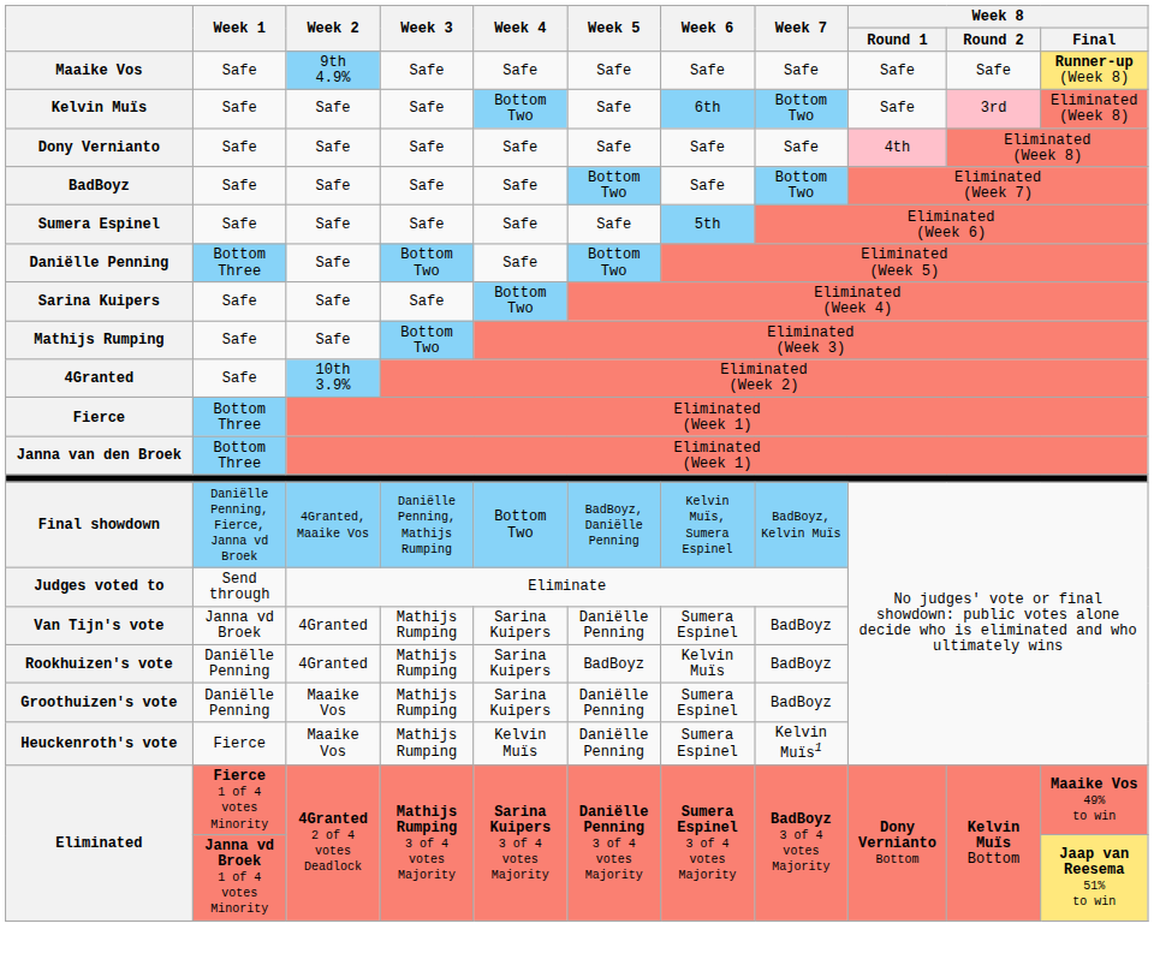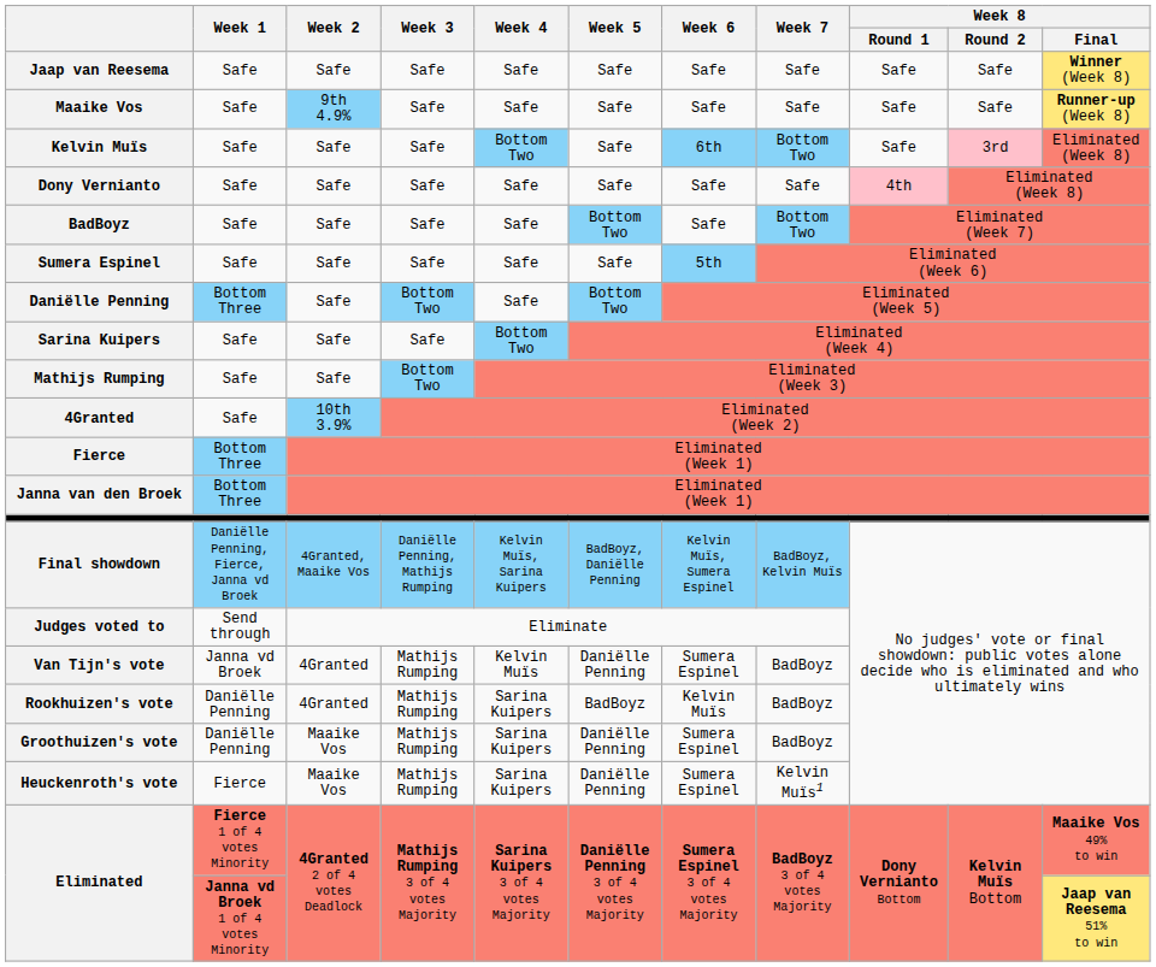 <table class="wikitable" style="text-align:center; font-size:85%">
 <tr>
 <th style="width:14%" rowspan=2></th>
 <th style="width:7%" rowspan=2>Week 1</th>
 <th style="width:7%" rowspan=2>Week 2</th>
 <th style="width:7%" rowspan=2>Week 3</th>
 <th style="width:7%" rowspan=2>Week 4</th>
 <th style="width:7%" rowspan=2>Week 5</th>
 <th style="width:7%" rowspan=2>Week 6</th>
 <th style="width:7%" rowspan=2>Week 7</th>
 <th style="width:21%" colspan=3>Week 8</th>
 </tr>
 <tr>
 <th style="width:7%">Round 1</th>
 <th style="width:7%">Round 2</th>
 <th style="width: 7%">Final</th>
+</tr>
+<tr>
+<th>Jaap van Reesema</th>
+<td>Safe</td>
+<td>Safe</td>
+<td>Safe</td>
+<td>Safe</td>
+<td>Safe</td>
+<td>Safe</td>
+<td>Safe</td>
+<td>Safe</td>
+<td>Safe</td>
+<td style="background:#FFE87C"><strong>Winner</strong><br>(Week 8)</td>
 </tr>
 <tr>
 <th>Maaike Vos</th>
 <td>Safe</td>
 <td style="background:#87D3F8">9th <br>4.9%</td>
 <td>Safe</td>
 <td>Safe</td>
 <td>Safe</td>
 <td>Safe</td>
 <td>Safe</td>
 <td>Safe</td>
 <td>Safe</td>
 <td style="background:#FFE87C"><strong>Runner-up</strong><br>(Week 8)</td>
 </tr>
 <tr>
 <th>Kelvin Muïs</th>
 <td>Safe</td>
 <td>Safe</td>
 <td>Safe</td>
 <td style="background:#87D3F8">Bottom<br>Two</td>
 <td>Safe</td>
 <td style="background:#87D3F8">6th</td>
 <td style="background:#87D3F8">Bottom<br>Two</td>
 <td>Safe</td>
 <td style="background:pink">3rd</td>
 <td style="background:#FA8072" colspan=1>Eliminated<br>(Week 8)</td>
 </tr>
 <tr>
 <th>Dony Vernianto</th>
 <td>Safe</td>
 <td>Safe</td>
 <td>Safe</td>
 <td>Safe</td>
 <td>Safe</td>
 <td>Safe</td>
 <td>Safe</td>
 <td style="background:pink">4th</td>
 <td style="background:#FA8072" colspan=2>Eliminated<br>(Week 8)</td>
 </tr>
 <tr>
 <th>BadBoyz</th>
 <td>Safe</td>
 <td>Safe</td>
 <td>Safe</td>
 <td>Safe</td>
 <td style="background:#87D3F8">Bottom<br>Two</td>
 <td>Safe</td>
 <td style="background:#87D3F8">Bottom<br>Two</td>
 <td style="background:#FA8072" colspan=3>Eliminated<br>(Week 7)</td>
 </tr>
 <tr>
 <th>Sumera Espinel</th>
 <td>Safe</td>
 <td>Safe</td>
 <td>Safe</td>
 <td>Safe</td>
 <td>Safe</td>
 <td style="background:#87D3F8">5th</td>
 <td style="background:#FA8072" colspan=4>Eliminated<br>(Week 6)</td>
 </tr>
 <tr>
 <th>Daniëlle Penning</th>
 <td style="background:#87D3F8">Bottom<br>Three</td>
 <td>Safe</td>
 <td style="background:#87D3F8">Bottom<br>Two</td>
 <td>Safe</td>
 <td style="background:#87D3F8">Bottom<br>Two</td>
 <td style="background:#FA8072" colspan=5>Eliminated<br>(Week 5)</td>
 </tr>
 <tr>
 <th>Sarina Kuipers</th>
 <td>Safe</td>
 <td>Safe</td>
 <td>Safe</td>
 <td style="background:#87D3F8">Bottom<br>Two</td>
 <td style="background:#FA8072" colspan=6>Eliminated<br>(Week 4)</td>
 </tr>
 <tr>
 <th>Mathijs Rumping</th>
 <td>Safe</td>
 <td>Safe</td>
 <td style="background:#87D3F8">Bottom<br>Two</td>
 <td style="background:#FA8072" colspan=7>Eliminated<br>(Week 3)</td>
 </tr>
 <tr>
 <th>4Granted</th>
 <td>Safe</td>
 <td style="background:#87D3F8">10th <br>3.9%</td>
 <td style="background:#FA8072" colspan=8>Eliminated<br>(Week 2)</td>
 </tr>
 <tr>
 <th>Fierce</th>
 <td style="background:#87D3F8">Bottom<br>Three</td>
 <td style="background:#FA8072" colspan=9>Eliminated<br>(Week 1)</td>
 </tr>
 <tr>
 <th>Janna van den Broek</th>
 <td style="background:#87D3F8">Bottom<br>Three</td>
 <td style="background:#FA8072" colspan=9>Eliminated<br>(Week 1)</td>
 </tr>
 <tr>
 <td style="background:#000000" colspan=11></td>
 </tr>
 <tr>
 <th>Final showdown</th>
 <td style="background:#87D3F8"><small>Daniëlle Penning,<br>Fierce,<br>Janna vd Broek</small></td>
 <td style="background:#87D3F8"><small>4Granted,<br>Maaike Vos</small></td>
 <td style="background:#87D3F8"><small>Daniëlle Penning,<br>Mathijs Rumping</small></td>
-<td style="background:#87D3F8">Bottom<br>Two</td>
+<td style="background:#87D3F8"><small>Kelvin Muïs,<br>Sarina Kuipers</small></td>
 <td style="background:#87D3F8"><small>BadBoyz,<br>Daniëlle Penning</small></td>
 <td style="background:#87D3F8"><small>Kelvin Muïs,<br>Sumera Espinel</small></td>
 <td style="background:#87D3F8"><small>BadBoyz,<br>Kelvin Muïs</small></td>
 <td rowspan="6" colspan="3">No judges' vote or final showdown: public votes alone decide who is eliminated and who ultimately wins</td>
 </tr>
 <tr>
 <th scope="row">Judges voted to</th>
 <td>Send through</td>
 <td colspan="6">Eliminate</td>
 </tr>
 <tr>
 <th>Van Tijn's vote</th>
 <td>Janna vd Broek</td>
 <td>4Granted</td>
 <td>Mathijs Rumping</td>
-<td>Sarina Kuipers</td>
+<td>Kelvin Muïs</td>
 <td>Daniëlle Penning</td>
 <td>Sumera Espinel</td>
 <td>BadBoyz</td>
 </tr>
 <tr>
 <th>Rookhuizen's vote</th>
 <td>Daniëlle Penning</td>
 <td>4Granted</td>
 <td>Mathijs Rumping</td>
 <td>Sarina Kuipers</td>
 <td>BadBoyz</td>
 <td>Kelvin Muïs</td>
 <td>BadBoyz</td>
 </tr>
 <tr>
 <th>Groothuizen's vote</th>
 <td>Daniëlle Penning</td>
 <td>Maaike Vos</td>
 <td>Mathijs Rumping</td>
 <td>Sarina Kuipers</td>
 <td>Daniëlle Penning</td>
 <td>Sumera Espinel</td>
 <td>BadBoyz</td>
 </tr>
 <tr>
 <th>Heuckenroth's vote</th>
 <td>Fierce</td>
 <td>Maaike Vos</td>
 <td>Mathijs Rumping</td>
-<td>Kelvin Muïs</td>
+<td>Sarina Kuipers</td>
 <td>Daniëlle Penning</td>
 <td>Sumera Espinel</td>
 <td>Kelvin Muïs<sup><em>1</em></sup></td>
 </tr>
 <tr>
 <th scope="row" rowspan="2">Eliminated</th>
 <td style="background:#FA8072"><strong>Fierce</strong><br><small>1 of 4 votes<br>Minority</small></td>
 <td style="background:#FA8072" rowspan=2><strong>4Granted</strong><br><small>2 of 4 votes<br>Deadlock</small></td>
 <td style="background:#FA8072" rowspan=2><strong>Mathijs Rumping</strong><br><small>3 of 4 votes<br>Majority</small></td>
 <td style="background:#FA8072" rowspan=2><strong>Sarina Kuipers</strong><br><small>3 of 4 votes<br>Majority</small></td>
 <td style="background:#FA8072" rowspan=2><strong>Daniëlle Penning</strong><br><small>3 of 4 votes<br>Majority</small></td>
 <td style="background:#FA8072" rowspan=2><strong>Sumera Espinel</strong><br><small>3 of 4 votes<br>Majority</small></td>
 <td style="background:#FA8072" rowspan=2><strong>BadBoyz</strong><br><small>3 of 4 votes<br>Majority</small></td>
 <td style="background:#FA8072" rowspan=2><strong>Dony Vernianto</strong><br><small>Bottom </small></td>
 <td style="background:#FA8072" rowspan=2><strong>Kelvin Muïs</strong><br>Bottom</td>
 <td style="background:#FA8072"><strong>Maaike Vos</strong><br><small>49%<br>to win</small></td>
 </tr>
 <tr>
 <td style="background:#FA8072"><strong>Janna vd Broek</strong><br><small>1 of 4 votes<br>Minority</small></td>
 <td style="background:#FFE87C"><strong>Jaap van Reesema</strong><br><small>51%<br>to win</small></td>
 </tr>
 </table>
